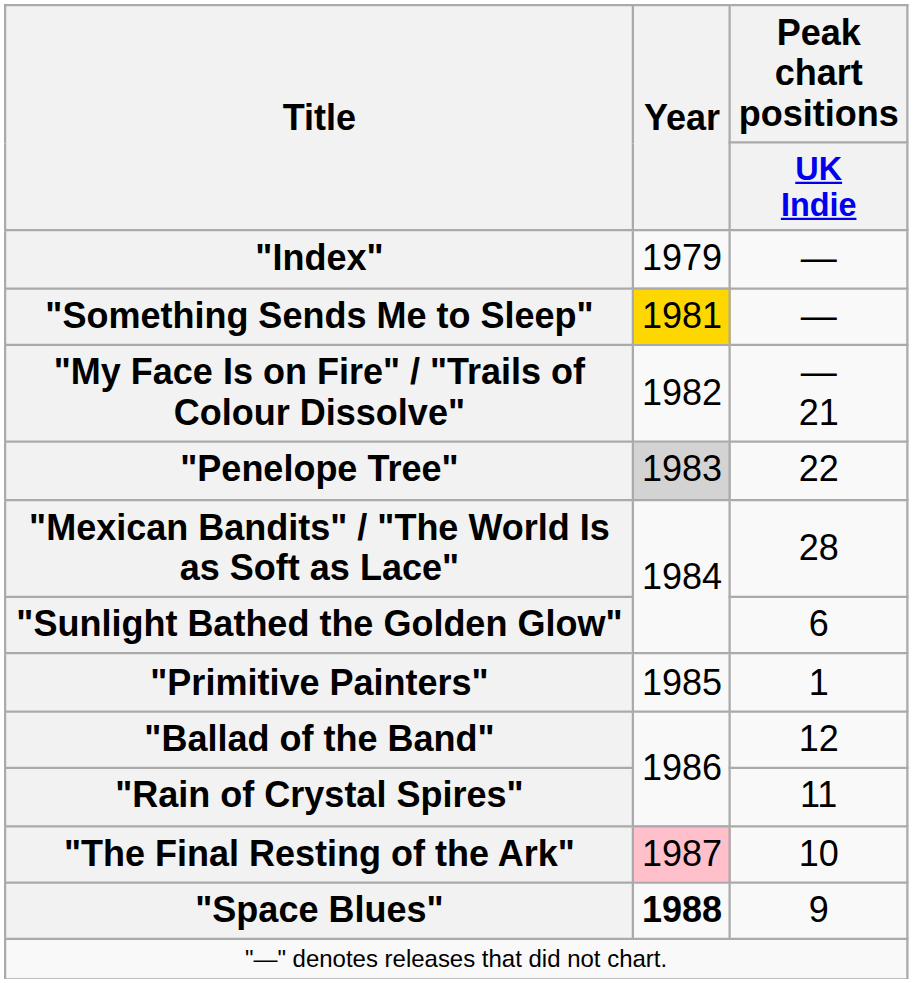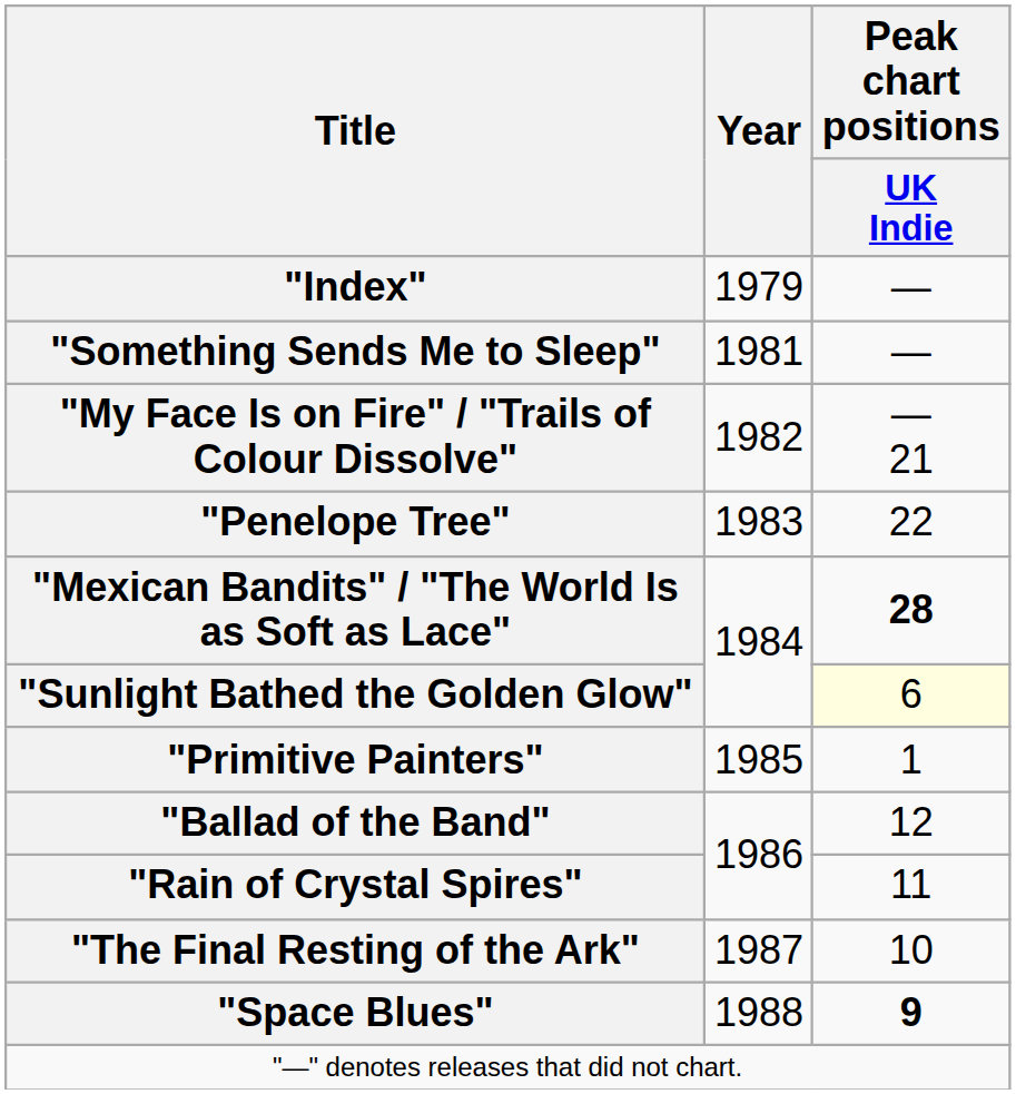 <table class="wikitable plainrowheaders" style="text-align:center;">
 <tr>
 <th rowspan="2" scope="col" style="width:17em;">Title</th>
 <th rowspan="2" scope="col" style="width:2em;">Year</th>
 <th>Peak chart positions</th>
 </tr>
 <tr>
 <th scope="col" style="width:2em;font-size:90%;"><a href='#'>UK<br>Indie</a><br></th>
 </tr>
 <tr>
 <th scope="row">"Index"</th>
 <td>1979</td>
 <td>—</td>
 </tr>
 <tr>
 <th scope="row">"Something Sends Me to Sleep"</th>
-<td style="background: gold;">1981</td>
+<td>1981</td>
 <td>—</td>
 </tr>
 <tr>
 <th scope="row">"My Face Is on Fire" / "Trails of Colour Dissolve"</th>
 <td>1982</td>
 <td>—<br>21</td>
 </tr>
 <tr>
 <th scope="row">"Penelope Tree"</th>
-<td style="background: lightgrey;">1983</td>
+<td>1983</td>
 <td>22</td>
 </tr>
 <tr>
 <th scope="row">"Mexican Bandits" / "The World Is as Soft as Lace"</th>
 <td rowspan="2">1984</td>
-<td>28</td>
+<td><strong>28</strong></td>
 </tr>
 <tr>
 <th scope="row">"Sunlight Bathed the Golden Glow"</th>
-<td>6</td>
+<td style="background: lightyellow;">6</td>
 </tr>
 <tr>
 <th scope="row">"Primitive Painters"</th>
 <td>1985</td>
 <td>1</td>
 </tr>
 <tr>
 <th scope="row">"Ballad of the Band"</th>
 <td rowspan="2">1986</td>
 <td>12</td>
 </tr>
 <tr>
 <th scope="row">"Rain of Crystal Spires"</th>
 <td>11</td>
 </tr>
 <tr>
 <th scope="row">"The Final Resting of the Ark"</th>
-<td style="background: pink;">1987</td>
+<td>1987</td>
 <td>10</td>
 </tr>
 <tr>
 <th scope="row">"Space Blues"</th>
-<td><strong>1988</strong></td>
-<td>9</td>
+<td>1988</td>
+<td><strong>9</strong></td>
 </tr>
 <tr>
 <td colspan="3" style="font-size:8pt">"—" denotes releases that did not chart.</td>
 </tr>
 </table>
